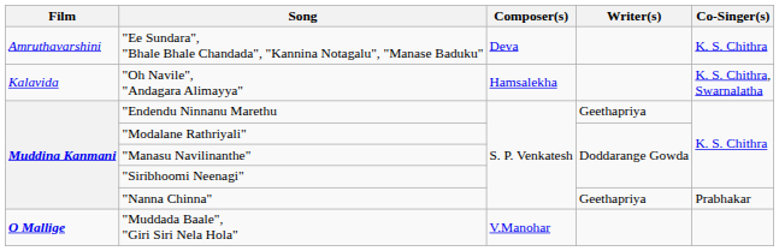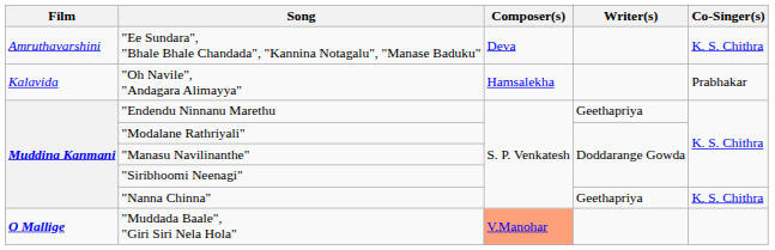 <table class="wikitable">
 <tr>
 <th>Film</th>
 <th>Song</th>
 <th>Composer(s)</th>
 <th>Writer(s)</th>
 <th>Co-Singer(s)</th>
 </tr>
 <tr>
 <td><em><a href='#'>Amruthavarshini</a></em></td>
 <td>"Ee Sundara",<br>"Bhale Bhale Chandada", "Kannina Notagalu", "Manase Baduku"</td>
 <td><a href='#'>Deva</a></td>
 <td></td>
 <td><a href='#'>K. S. Chithra</a></td>
 </tr>
 <tr>
 <td><em><a href='#'>Kalavida</a></em></td>
 <td>"Oh Navile",<br>"Andagara Alimayya"</td>
 <td><a href='#'>Hamsalekha</a></td>
 <td></td>
-<td><a href='#'>K. S. Chithra</a>,<br><a href='#'>Swarnalatha</a></td>
+<td>Prabhakar</td>
 </tr>
 <tr>
 <th Rowspan=5><em><a href='#'>Muddina Kanmani</a></em></th>
 <td>"Endendu Ninnanu Marethu</td>
 <td Rowspan=5>S. P. Venkatesh</td>
 <td>Geethapriya</td>
 <td rowspan=4><a href='#'>K. S. Chithra</a></td>
 </tr>
 <tr>
 <td>"Modalane Rathriyali"</td>
 <td rowspan=3>Doddarange Gowda</td>
 </tr>
 <tr>
 <td>"Manasu Navilinanthe"</td>
 </tr>
 <tr>
 <td>"Siribhoomi Neenagi"</td>
 </tr>
 <tr>
 <td>"Nanna Chinna"</td>
 <td>Geethapriya</td>
-<td>Prabhakar</td>
+<td><a href='#'>K. S. Chithra</a></td>
 </tr>
 <tr>
 <td><strong><em><a href='#'>O Mallige</a></em></strong></td>
 <td>"Muddada Baale",<br>"Giri Siri Nela Hola"</td>
-<td><a href='#'>V.Manohar</a></td>
+<td style="background: lightsalmon;"><a href='#'>V.Manohar</a></td>
 <td></td>
 <td></td>
 </tr>
 </table>
